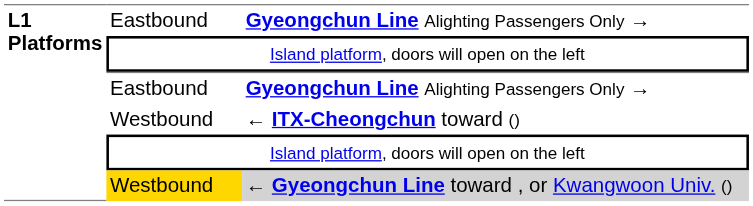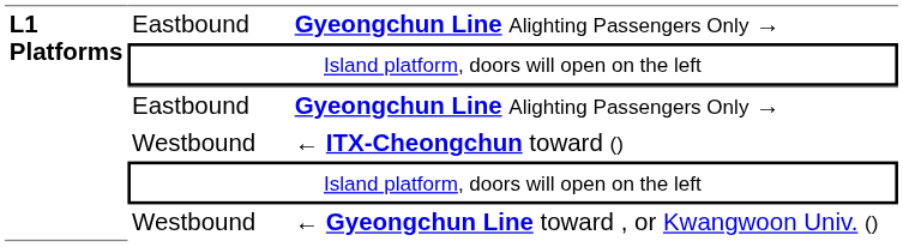 <table table border=0 cellspacing=0 cellpadding=3>
 <tr>
 <td style="border-top:solid 1px gray;border-bottom:solid 1px gray;" width=50 rowspan=10 valign=top><strong>L1<br>Platforms</strong></td>
 </tr>
 <tr>
 <td style="border-bottom:solid 0px gray;border-top:solid 1px gray;" width=100>Eastbound</td>
 <td style="border-bottom:solid 0px gray;border-top:solid 1px gray;" width=390> <a href='#'><span><strong>Gyeongchun Line</strong></span></a> <small>Alighting Passengers Only</small> →</td>
 </tr>
 <tr>
 <td style="border-top:solid 2px black;border-right:solid 2px black;border-left:solid 2px black;border-bottom:solid 2px black;text-align:center;" colspan=2><small><a href='#'>Island platform</a>, doors will open on the left</small></td>
 </tr>
 <tr>
 <td style="border-bottom:solid 0px gray;border-top:solid 1px gray;" width=100>Eastbound</td>
 <td style="border-bottom:solid 0px gray;border-top:solid 1px gray;" width=390> <a href='#'><span><strong>Gyeongchun Line</strong></span></a> <small>Alighting Passengers Only</small> →</td>
 </tr>
 <tr>
 <td>Westbound</td>
 <td>← <a href='#'><span><strong>ITX-Cheongchun</strong></span></a> toward  <small>()</small></td>
 </tr>
 <tr>
 <td style="border-top:solid 2px black;border-right:solid 2px black;border-left:solid 2px black;border-bottom:solid 2px black;text-align:center;" colspan=2><small><a href='#'>Island platform</a>, doors will open on the left</small></td>
 </tr>
 <tr>
-<td style="background: gold;">Westbound</td>
-<td style="background: lightgrey;">← <a href='#'><span><strong>Gyeongchun Line</strong></span></a> toward ,  or <a href='#'>Kwangwoon Univ.</a> <small>()</small></td>
+<td>Westbound</td>
+<td>← <a href='#'><span><strong>Gyeongchun Line</strong></span></a> toward ,  or <a href='#'>Kwangwoon Univ.</a> <small>()</small></td>
 </tr>
 </table>
